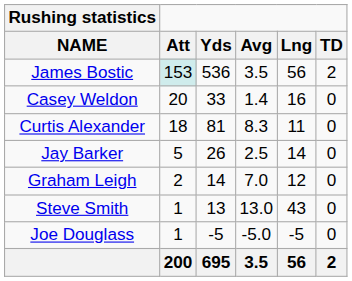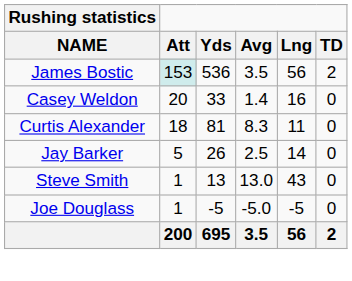 <table class="wikitable sortable" style="text-align:center;">
 <tr>
 <th style="text-align:center;">Rushing statistics</th>
 </tr>
 <tr>
 <th>NAME</th>
 <th>Att</th>
 <th>Yds</th>
 <th>Avg</th>
 <th>Lng</th>
 <th>TD</th>
 </tr>
 <tr>
 <td><a href='#'>James Bostic</a></td>
 <td style="background:#cfecec;">153</td>
 <td>536</td>
 <td>3.5</td>
 <td>56</td>
 <td>2</td>
 </tr>
 <tr>
 <td><a href='#'>Casey Weldon</a></td>
 <td>20</td>
 <td>33</td>
 <td>1.4</td>
 <td>16</td>
 <td>0</td>
 </tr>
 <tr>
 <td><a href='#'>Curtis Alexander</a></td>
 <td>18</td>
 <td>81</td>
 <td>8.3</td>
 <td>11</td>
 <td>0</td>
 </tr>
 <tr>
 <td><a href='#'>Jay Barker</a></td>
 <td>5</td>
 <td>26</td>
 <td>2.5</td>
 <td>14</td>
 <td>0</td>
 </tr>
 <tr>
-<td><a href='#'>Graham Leigh</a></td>
-<td>2</td>
-<td>14</td>
-<td>7.0</td>
-<td>12</td>
-<td>0</td>
-</tr>
-<tr>
 <td><a href='#'>Steve Smith</a></td>
 <td>1</td>
 <td>13</td>
 <td>13.0</td>
 <td>43</td>
 <td>0</td>
 </tr>
 <tr>
 <td><a href='#'>Joe Douglass</a></td>
 <td>1</td>
 <td>-5</td>
 <td>-5.0</td>
 <td>-5</td>
 <td>0</td>
 </tr>
 <tr>
 <th colspan="1"></th>
 <th>200</th>
 <th>695</th>
 <th>3.5</th>
 <th>56</th>
 <th>2</th>
 </tr>
 </table>
